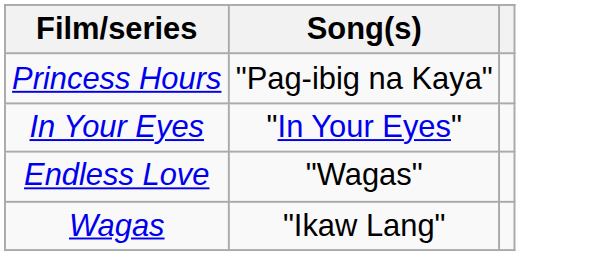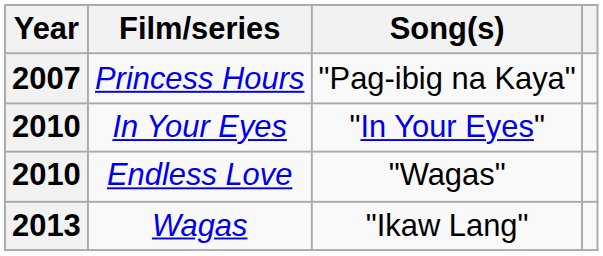 <table class="wikitable plainrowheaders" style="text-align:center;">
 <tr>
+<th scope="col">Year</th>
 <th scope="col">Film/series</th>
 <th scope="col">Song(s)</th>
 <th scope="col"></th>
 </tr>
 <tr>
+<th scope=row>2007</th>
 <td><em><a href='#'>Princess Hours</a></em></td>
 <td>"Pag-ibig na Kaya"<br></td>
 <td></td>
 </tr>
 <tr>
+<th scope=row>2010</th>
 <td><em><a href='#'>In Your Eyes</a></em></td>
 <td>"<a href='#'>In Your Eyes</a>"</td>
 <td></td>
 </tr>
 <tr>
+<th scope=row>2010</th>
 <td><em><a href='#'>Endless Love</a></em></td>
 <td>"Wagas"</td>
 <td></td>
 </tr>
 <tr>
+<th scope=row>2013</th>
 <td><em><a href='#'>Wagas</a></em></td>
 <td>"Ikaw Lang"</td>
 <td></td>
 </tr>
 </table>
